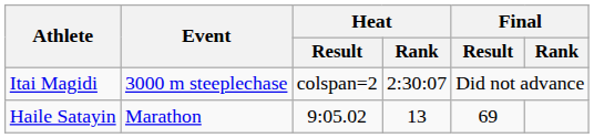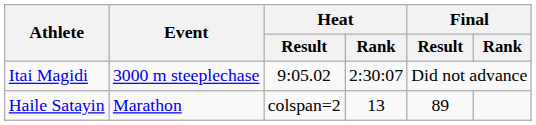 <table class="wikitable" style="font-size:90%">
 <tr>
 <th rowspan="2">Athlete</th>
 <th rowspan="2">Event</th>
 <th colspan="2">Heat</th>
 <th colspan="2">Final</th>
 </tr>
 <tr style="font-size:95%">
 <th>Result</th>
 <th>Rank</th>
 <th>Result</th>
 <th>Rank</th>
 </tr>
 <tr align=center>
 <td align=left><a href='#'>Itai Magidi</a></td>
 <td align=left><a href='#'>3000 m steeplechase</a></td>
-<td>colspan=2 </td>
+<td>9:05.02</td>
 <td>2:30:07</td>
 <td colspan=2>Did not advance</td>
 </tr>
 <tr align=center>
 <td align=left><a href='#'>Haile Satayin</a></td>
 <td align=left><a href='#'>Marathon</a></td>
-<td>9:05.02</td>
+<td>colspan=2 </td>
 <td>13</td>
-<td>69</td>
+<td>89</td>
 </tr>
 </table>
